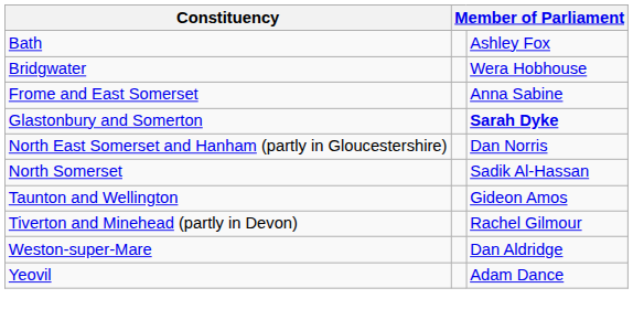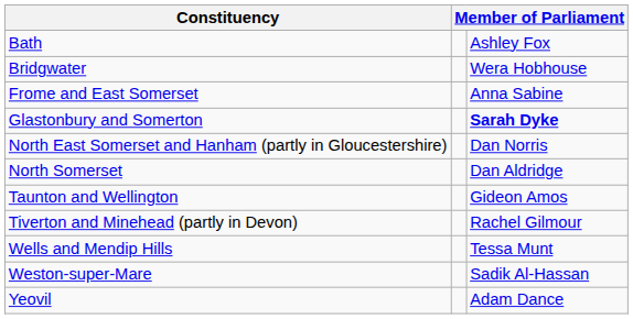 <table class="wikitable sortable">
 <tr>
 <th rowspan=1>Constituency</th>
 <th colspan=2 class=unsortable><a href='#'>Member of Parliament</a></th>
 </tr>
 <tr>
 <td><a href='#'>Bath</a></td>
 <td style="color:inherit;background:"> </td>
 <td><a href='#'>Ashley Fox</a></td>
 </tr>
 <tr>
 <td><a href='#'>Bridgwater</a></td>
 <td style="color:inherit;background:"> </td>
 <td><a href='#'>Wera Hobhouse</a></td>
 </tr>
 <tr>
 <td><a href='#'>Frome and East Somerset</a></td>
 <td style="color:inherit;background:"> </td>
 <td><a href='#'>Anna Sabine</a></td>
 </tr>
 <tr>
 <td><a href='#'>Glastonbury and Somerton</a></td>
 <td style="color:inherit;background:"> </td>
 <td><strong><a href='#'>Sarah Dyke</a></strong></td>
 </tr>
 <tr>
 <td><a href='#'>North East Somerset and Hanham</a> (partly in Gloucestershire)</td>
 <td style="color:inherit;background:"> </td>
 <td><a href='#'>Dan Norris</a></td>
 </tr>
 <tr>
 <td><a href='#'>North Somerset</a></td>
 <td style="color:inherit;background:"> </td>
-<td><a href='#'>Sadik Al-Hassan</a></td>
+<td><a href='#'>Dan Aldridge</a></td>
 </tr>
 <tr>
 <td><a href='#'>Taunton and Wellington</a></td>
 <td style="color:inherit;background:"> </td>
 <td><a href='#'>Gideon Amos</a></td>
 </tr>
 <tr>
 <td><a href='#'>Tiverton and Minehead</a> (partly in Devon)</td>
 <td style="color:inherit;background:"> </td>
 <td><a href='#'>Rachel Gilmour</a></td>
 </tr>
 <tr>
+<td><a href='#'>Wells and Mendip Hills</a></td>
+<td style="color:inherit;background:"> </td>
+<td><a href='#'>Tessa Munt</a></td>
+</tr>
+<tr>
 <td><a href='#'>Weston-super-Mare</a></td>
 <td style="color:inherit;background:"> </td>
-<td><a href='#'>Dan Aldridge</a></td>
+<td><a href='#'>Sadik Al-Hassan</a></td>
 </tr>
 <tr>
 <td><a href='#'>Yeovil</a></td>
 <td style="color:inherit;background:"> </td>
 <td><a href='#'>Adam Dance</a></td>
 </tr>
 </table>
